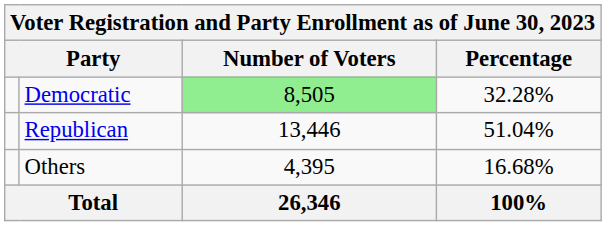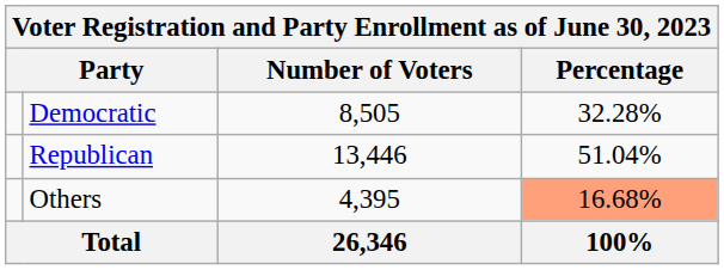 <table class=wikitable>
 <tr>
 <th colspan = 6>Voter Registration and Party Enrollment as of June 30, 2023</th>
 </tr>
 <tr>
 <th colspan = 2>Party</th>
 <th>Number of Voters</th>
 <th>Percentage</th>
 </tr>
 <tr>
 <td></td>
 <td><a href='#'>Democratic</a></td>
-<td align = center style="background: lightgreen;">8,505</td>
+<td align = center>8,505</td>
 <td align = center>32.28%</td>
 </tr>
 <tr>
 <td></td>
 <td><a href='#'>Republican</a></td>
 <td align = center>13,446</td>
 <td align = center>51.04%</td>
 </tr>
 <tr>
 <td></td>
 <td>Others</td>
 <td align = center>4,395</td>
-<td align = center>16.68%</td>
+<td align = center style="background: lightsalmon;">16.68%</td>
 </tr>
 <tr>
 <th colspan = 2>Total</th>
 <th align = center>26,346</th>
 <th align = center>100%</th>
 </tr>
 </table>
